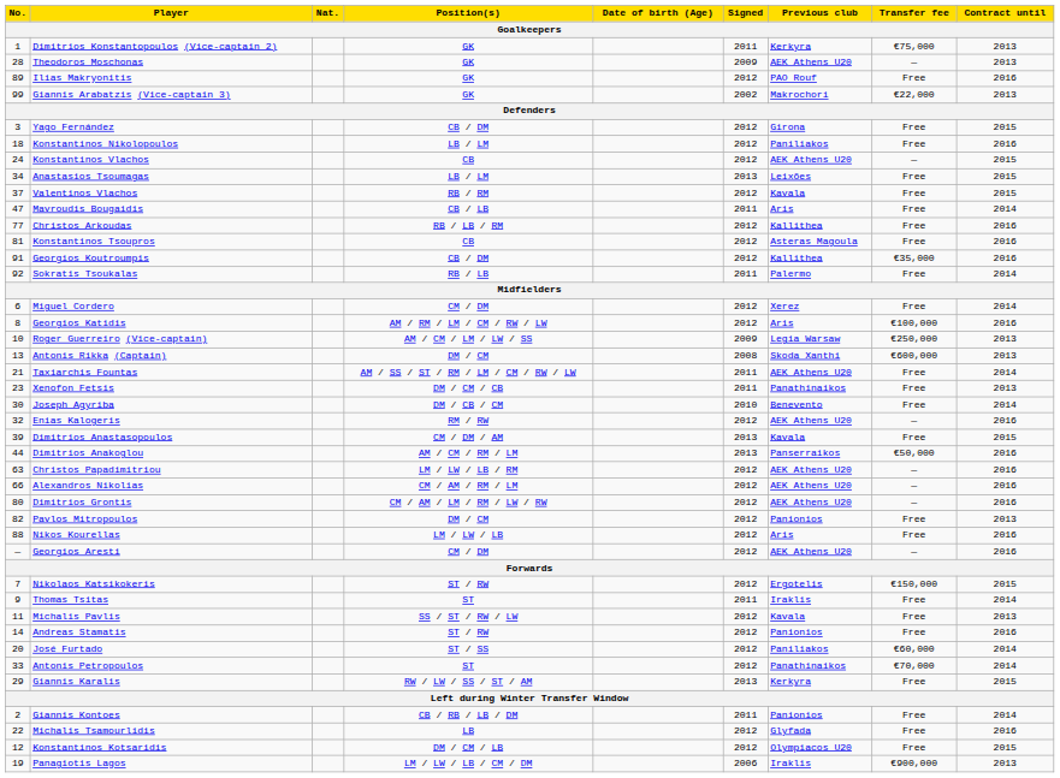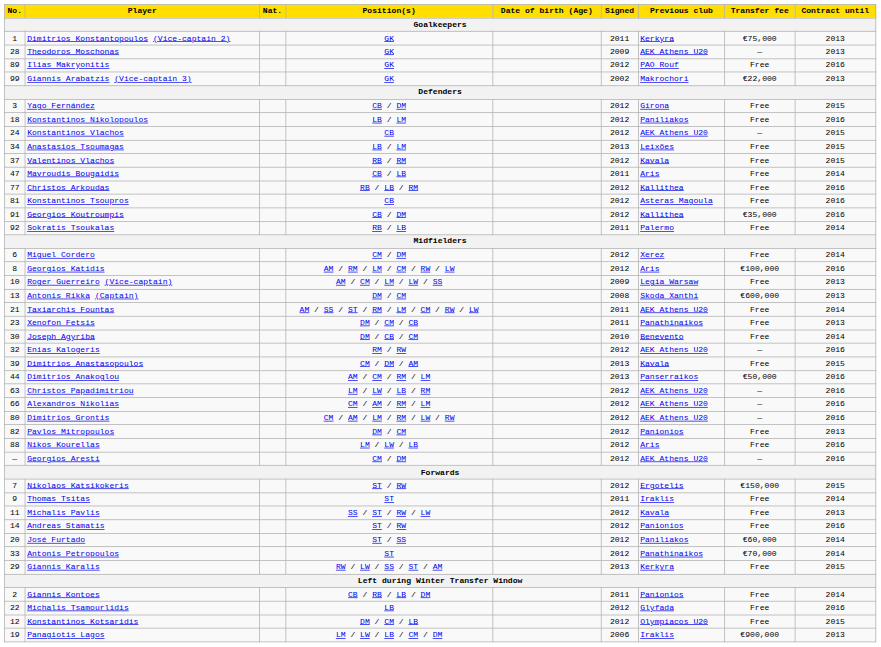 <table class="wikitable" style="text-align:center; font-size:90%; width:100%">
 <tr>
 <th style="background:#FFDE00">No.</th>
 <th style="background:#FFDE00">Player</th>
 <th style="background:#FFDE00">Nat.</th>
 <th style="background:#FFDE00">Position(s)</th>
 <th style="background:#FFDE00">Date of birth (Age)</th>
 <th style="background:#FFDE00">Signed</th>
 <th style="background:#FFDE00">Previous club</th>
 <th style="background:#FFDE00">Transfer fee</th>
 <th style="background:#FFDE00">Contract until</th>
 </tr>
 <tr>
 <th colspan="9">Goalkeepers</th>
 </tr>
 <tr>
 <td>1</td>
 <td align=left><a href='#'>Dimitrios Konstantopoulos</a> <a href='#'>(Vice-captain 2)</a></td>
 <td></td>
 <td><a href='#'>GK</a></td>
 <td></td>
 <td>2011</td>
 <td align=left> <a href='#'>Kerkyra</a></td>
 <td>€75,000</td>
 <td>2013</td>
 </tr>
 <tr>
 <td>28</td>
 <td align=left><a href='#'>Theodoros Moschonas</a></td>
 <td></td>
 <td><a href='#'>GK</a></td>
 <td></td>
 <td>2009</td>
 <td align=left> <a href='#'>AEK Athens U20</a></td>
 <td>—</td>
 <td>2013</td>
 </tr>
 <tr>
 <td>89</td>
 <td align=left><a href='#'>Ilias Makryonitis</a></td>
 <td></td>
 <td><a href='#'>GK</a></td>
 <td></td>
 <td>2012</td>
 <td align=left> <a href='#'>PAO Rouf</a></td>
 <td>Free</td>
 <td>2016</td>
 </tr>
 <tr>
 <td>99</td>
 <td align=left><a href='#'>Giannis Arabatzis</a> <a href='#'>(Vice-captain 3)</a></td>
 <td></td>
 <td><a href='#'>GK</a></td>
 <td></td>
 <td>2002</td>
 <td align=left> <a href='#'>Makrochori</a></td>
 <td>€22,000</td>
 <td>2013</td>
 </tr>
 <tr>
 <th colspan="9">Defenders</th>
 </tr>
 <tr>
 <td>3</td>
 <td align=left><a href='#'>Yago Fernández</a></td>
 <td></td>
 <td><a href='#'>CB</a> / <a href='#'>DM</a></td>
 <td></td>
 <td>2012</td>
 <td align=left> <a href='#'>Girona</a></td>
 <td>Free</td>
 <td>2015</td>
 </tr>
 <tr>
 <td>18</td>
 <td align=left><a href='#'>Konstantinos Nikolopoulos</a></td>
 <td></td>
 <td><a href='#'>LB</a> / <a href='#'>LM</a></td>
 <td></td>
 <td>2012</td>
 <td align=left> <a href='#'>Paniliakos</a></td>
 <td>Free</td>
 <td>2016</td>
 </tr>
 <tr>
 <td>24</td>
 <td align=left><a href='#'>Konstantinos Vlachos</a></td>
 <td></td>
 <td><a href='#'>CB</a></td>
 <td></td>
 <td>2012</td>
 <td align=left> <a href='#'>AEK Athens U20</a></td>
 <td>—</td>
 <td>2015</td>
 </tr>
 <tr>
 <td>34</td>
 <td align=left><a href='#'>Anastasios Tsoumagas</a></td>
 <td></td>
 <td><a href='#'>LB</a> / <a href='#'>LM</a></td>
 <td></td>
 <td>2013</td>
 <td align=left> <a href='#'>Leixões</a></td>
 <td>Free</td>
 <td>2015</td>
 </tr>
 <tr>
 <td>37</td>
 <td align=left><a href='#'>Valentinos Vlachos</a></td>
 <td></td>
 <td><a href='#'>RB</a> / <a href='#'>RM</a></td>
 <td></td>
 <td>2012</td>
 <td align=left> <a href='#'>Kavala</a></td>
 <td>Free</td>
 <td>2015</td>
 </tr>
 <tr>
 <td>47</td>
 <td align=left><a href='#'>Mavroudis Bougaidis</a></td>
 <td></td>
 <td><a href='#'>CB</a> / <a href='#'>LB</a></td>
 <td></td>
 <td>2011</td>
 <td align=left> <a href='#'>Aris</a></td>
 <td>Free</td>
 <td>2014</td>
 </tr>
 <tr>
 <td>77</td>
 <td align=left><a href='#'>Christos Arkoudas</a></td>
 <td></td>
 <td><a href='#'>RB</a> / <a href='#'>LB</a> / <a href='#'>RM</a></td>
 <td></td>
 <td>2012</td>
 <td align=left> <a href='#'>Kallithea</a></td>
 <td>Free</td>
 <td>2016</td>
 </tr>
 <tr>
 <td>81</td>
 <td align=left><a href='#'>Konstantinos Tsoupros</a></td>
 <td></td>
 <td><a href='#'>CB</a></td>
 <td></td>
 <td>2012</td>
 <td align=left> <a href='#'>Asteras Magoula</a></td>
 <td>Free</td>
 <td>2016</td>
 </tr>
 <tr>
 <td>91</td>
 <td align=left><a href='#'>Georgios Koutroumpis</a></td>
 <td></td>
 <td><a href='#'>CB</a> / <a href='#'>DM</a></td>
 <td></td>
 <td>2012</td>
 <td align=left> <a href='#'>Kallithea</a></td>
 <td>€35,000</td>
 <td>2016</td>
 </tr>
 <tr>
 <td>92</td>
 <td align=left><a href='#'>Sokratis Tsoukalas</a></td>
 <td></td>
 <td><a href='#'>RB</a> / <a href='#'>LB</a></td>
 <td></td>
 <td>2011</td>
 <td align=left> <a href='#'>Palermo</a></td>
 <td>Free</td>
 <td>2014</td>
 </tr>
 <tr>
 <th colspan="9">Midfielders</th>
 </tr>
 <tr>
 <td>6</td>
 <td align=left><a href='#'>Miguel Cordero</a></td>
 <td></td>
 <td><a href='#'>CM</a> / <a href='#'>DM</a></td>
 <td></td>
 <td>2012</td>
 <td align=left> <a href='#'>Xerez</a></td>
 <td>Free</td>
 <td>2014</td>
 </tr>
 <tr>
 <td>8</td>
 <td align=left><a href='#'>Georgios Katidis</a></td>
 <td></td>
 <td><a href='#'>AM</a> / <a href='#'>RM</a> / <a href='#'>LM</a> / <a href='#'>CM</a> / <a href='#'>RW</a> / <a href='#'>LW</a></td>
 <td></td>
 <td>2012</td>
 <td align=left> <a href='#'>Aris</a></td>
 <td>€100,000</td>
 <td>2016</td>
 </tr>
 <tr>
 <td>10</td>
 <td align=left><a href='#'>Roger Guerreiro</a> <a href='#'>(Vice-captain)</a></td>
 <td></td>
 <td><a href='#'>AM</a> / <a href='#'>CM</a> / <a href='#'>LM</a> / <a href='#'>LW</a> / <a href='#'>SS</a></td>
 <td></td>
 <td>2009</td>
 <td align=left> <a href='#'>Legia Warsaw</a></td>
-<td>€250,000</td>
+<td>Free</td>
 <td>2013</td>
 </tr>
 <tr>
 <td>13</td>
 <td align=left><a href='#'>Antonis Rikka</a> <a href='#'>(Captain)</a></td>
 <td></td>
 <td><a href='#'>DM</a> / <a href='#'>CM</a></td>
 <td></td>
 <td>2008</td>
 <td align=left> <a href='#'>Skoda Xanthi</a></td>
 <td>€600,000</td>
 <td>2013</td>
 </tr>
 <tr>
 <td>21</td>
 <td align=left><a href='#'>Taxiarchis Fountas</a></td>
 <td></td>
 <td><a href='#'>AM</a> / <a href='#'>SS</a> / <a href='#'>ST</a> / <a href='#'>RM</a> / <a href='#'>LM</a> / <a href='#'>CM</a> / <a href='#'>RW</a> / <a href='#'>LW</a></td>
 <td></td>
 <td>2011</td>
 <td align=left> <a href='#'>AEK Athens U20</a></td>
 <td>Free</td>
 <td>2014</td>
 </tr>
 <tr>
 <td>23</td>
 <td align=left><a href='#'>Xenofon Fetsis</a></td>
 <td></td>
 <td><a href='#'>DM</a> / <a href='#'>CM</a> / <a href='#'>CB</a></td>
 <td></td>
 <td>2011</td>
 <td align=left> <a href='#'>Panathinaikos</a></td>
 <td>Free</td>
 <td>2013</td>
 </tr>
 <tr>
 <td>30</td>
 <td align=left><a href='#'>Joseph Agyriba</a></td>
 <td></td>
 <td><a href='#'>DM</a> / <a href='#'>CB</a> / <a href='#'>CM</a></td>
 <td></td>
 <td>2010</td>
 <td align=left> <a href='#'>Benevento</a></td>
 <td>Free</td>
 <td>2014</td>
 </tr>
 <tr>
 <td>32</td>
 <td align=left><a href='#'>Enias Kalogeris</a></td>
 <td></td>
 <td><a href='#'>RM</a> / <a href='#'>RW</a></td>
 <td></td>
 <td>2012</td>
 <td align=left> <a href='#'>AEK Athens U20</a></td>
 <td>—</td>
 <td>2016</td>
 </tr>
 <tr>
 <td>39</td>
 <td align=left><a href='#'>Dimitrios Anastasopoulos</a></td>
 <td></td>
 <td><a href='#'>CM</a> / <a href='#'>DM</a> / <a href='#'>AM</a></td>
 <td></td>
 <td>2013</td>
 <td align=left> <a href='#'>Kavala</a></td>
 <td>Free</td>
 <td>2015</td>
 </tr>
 <tr>
 <td>44</td>
 <td align=left><a href='#'>Dimitrios Anakoglou</a></td>
 <td></td>
 <td><a href='#'>AM</a> / <a href='#'>CM</a> / <a href='#'>RM</a> / <a href='#'>LM</a></td>
 <td></td>
 <td>2013</td>
 <td align=left> <a href='#'>Panserraikos</a></td>
 <td>€50,000</td>
 <td>2016</td>
 </tr>
 <tr>
 <td>63</td>
 <td align=left><a href='#'>Christos Papadimitriou</a></td>
 <td></td>
 <td><a href='#'>LM</a> / <a href='#'>LW</a> / <a href='#'>LB</a> / <a href='#'>RM</a></td>
 <td></td>
 <td>2012</td>
 <td align=left> <a href='#'>AEK Athens U20</a></td>
 <td>—</td>
 <td>2016</td>
 </tr>
 <tr>
 <td>66</td>
 <td align=left><a href='#'>Alexandros Nikolias</a></td>
 <td></td>
 <td><a href='#'>CM</a> / <a href='#'>AM</a> / <a href='#'>RM</a> / <a href='#'>LM</a></td>
 <td></td>
 <td>2012</td>
 <td align=left> <a href='#'>AEK Athens U20</a></td>
 <td>—</td>
 <td>2016</td>
 </tr>
 <tr>
 <td>80</td>
 <td align=left><a href='#'>Dimitrios Grontis</a></td>
 <td></td>
 <td><a href='#'>CM</a> / <a href='#'>AM</a> / <a href='#'>LM</a> / <a href='#'>RM</a> / <a href='#'>LW</a> / <a href='#'>RW</a></td>
 <td></td>
 <td>2012</td>
 <td align=left> <a href='#'>AEK Athens U20</a></td>
 <td>—</td>
 <td>2016</td>
 </tr>
 <tr>
 <td>82</td>
 <td align=left><a href='#'>Pavlos Mitropoulos</a></td>
 <td></td>
 <td><a href='#'>DM</a> / <a href='#'>CM</a></td>
 <td></td>
 <td>2012</td>
 <td align=left> <a href='#'>Panionios</a></td>
 <td>Free</td>
 <td>2013</td>
 </tr>
 <tr>
 <td>88</td>
 <td align=left><a href='#'>Nikos Kourellas</a></td>
 <td></td>
 <td><a href='#'>LM</a> / <a href='#'>LW</a> / <a href='#'>LB</a></td>
 <td></td>
 <td>2012</td>
 <td align=left> <a href='#'>Aris</a></td>
 <td>Free</td>
 <td>2016</td>
 </tr>
 <tr>
 <td>—</td>
 <td align=left><a href='#'>Georgios Aresti</a></td>
 <td></td>
 <td><a href='#'>CM</a> / <a href='#'>DM</a></td>
 <td></td>
 <td>2012</td>
 <td align=left> <a href='#'>AEK Athens U20</a></td>
 <td>—</td>
 <td>2016</td>
 </tr>
 <tr>
 <th colspan="9">Forwards</th>
 </tr>
 <tr>
 <td>7</td>
 <td align=left><a href='#'>Nikolaos Katsikokeris</a></td>
 <td></td>
 <td><a href='#'>ST</a> / <a href='#'>RW</a></td>
 <td></td>
 <td>2012</td>
 <td align=left> <a href='#'>Ergotelis</a></td>
 <td>€150,000</td>
 <td>2015</td>
 </tr>
 <tr>
 <td>9</td>
 <td align=left><a href='#'>Thomas Tsitas</a></td>
 <td></td>
 <td><a href='#'>ST</a></td>
 <td></td>
 <td>2011</td>
 <td align=left> <a href='#'>Iraklis</a></td>
 <td>Free</td>
 <td>2014</td>
 </tr>
 <tr>
 <td>11</td>
 <td align=left><a href='#'>Michalis Pavlis</a></td>
 <td></td>
 <td><a href='#'>SS</a> / <a href='#'>ST</a> / <a href='#'>RW</a> / <a href='#'>LW</a></td>
 <td></td>
 <td>2012</td>
 <td align=left> <a href='#'>Kavala</a></td>
 <td>Free</td>
 <td>2013</td>
 </tr>
 <tr>
 <td>14</td>
 <td align=left><a href='#'>Andreas Stamatis</a></td>
 <td></td>
 <td><a href='#'>ST</a> / <a href='#'>RW</a></td>
 <td></td>
 <td>2012</td>
 <td align=left> <a href='#'>Panionios</a></td>
 <td>Free</td>
 <td>2016</td>
 </tr>
 <tr>
 <td>20</td>
 <td align=left><a href='#'>José Furtado</a></td>
 <td></td>
 <td><a href='#'>ST</a> / <a href='#'>SS</a></td>
 <td></td>
 <td>2012</td>
 <td align=left> <a href='#'>Paniliakos</a></td>
 <td>€60,000</td>
 <td>2014</td>
 </tr>
 <tr>
 <td>33</td>
 <td align=left><a href='#'>Antonis Petropoulos</a></td>
 <td></td>
 <td><a href='#'>ST</a></td>
 <td></td>
 <td>2012</td>
 <td align=left> <a href='#'>Panathinaikos</a></td>
 <td>€70,000</td>
 <td>2014</td>
 </tr>
 <tr>
 <td>29</td>
 <td align=left><a href='#'>Giannis Karalis</a></td>
 <td></td>
 <td><a href='#'>RW</a> / <a href='#'>LW</a> / <a href='#'>SS</a> / <a href='#'>ST</a> / <a href='#'>AM</a></td>
 <td></td>
 <td>2013</td>
 <td align=left> <a href='#'>Kerkyra</a></td>
 <td>Free</td>
 <td>2015</td>
 </tr>
 <tr>
 <th colspan="9">Left during Winter Transfer Window</th>
 </tr>
 <tr>
 <td>2</td>
 <td align=left><a href='#'>Giannis Kontoes</a></td>
 <td></td>
 <td><a href='#'>CB</a> / <a href='#'>RB</a> / <a href='#'>LB</a> / <a href='#'>DM</a></td>
 <td></td>
 <td>2011</td>
 <td align=left> <a href='#'>Panionios</a></td>
 <td>Free</td>
 <td>2014</td>
 </tr>
 <tr>
 <td>22</td>
 <td align=left><a href='#'>Michalis Tsamourlidis</a></td>
 <td></td>
 <td><a href='#'>LB</a></td>
 <td></td>
 <td>2012</td>
 <td align=left> <a href='#'>Glyfada</a></td>
 <td>Free</td>
 <td>2016</td>
 </tr>
 <tr>
 <td>12</td>
 <td align=left><a href='#'>Konstantinos Kotsaridis</a></td>
 <td></td>
 <td><a href='#'>DM</a> / <a href='#'>CM</a> / <a href='#'>LB</a></td>
 <td></td>
 <td>2012</td>
 <td align=left> <a href='#'>Olympiacos U20</a></td>
 <td>Free</td>
 <td>2015</td>
 </tr>
 <tr>
 <td>19</td>
 <td align=left><a href='#'>Panagiotis Lagos</a></td>
 <td></td>
 <td><a href='#'>LM</a> / <a href='#'>LW</a> / <a href='#'>LB</a> / <a href='#'>CM</a> / <a href='#'>DM</a></td>
 <td></td>
 <td>2006</td>
 <td align=left> <a href='#'>Iraklis</a></td>
 <td>€900,000</td>
 <td>2013</td>
 </tr>
 </table>
